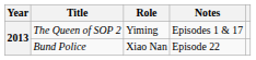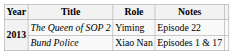 <table class="wikitable plainrowheaders">
 <tr>
 <th scope="col">Year</th>
 <th scope="col">Title</th>
 <th scope="col">Role</th>
 <th scope="col">Notes</th>
 <th></th>
 </tr>
 <tr>
 <th scope="row" rowspan="2">2013</th>
 <td><em>The Queen of SOP 2</em> </td>
 <td>Yiming</td>
-<td>Episodes 1 & 17</td>
+<td>Episode 22</td>
 <td></td>
 </tr>
 <tr>
 <td><em>Bund Police</em> </td>
 <td>Xiao Nan</td>
-<td>Episode 22</td>
+<td>Episodes 1 & 17</td>
 <td></td>
 </tr>
 </table>
